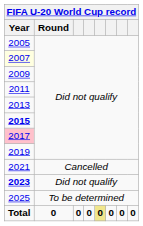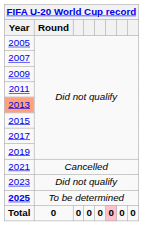 <table class="wikitable" style="text-align: center;">
 <tr>
 <th colspan=8><a href='#'>FIFA U-20 World Cup record</a></th>
 </tr>
 <tr>
 <th>Year</th>
 <th>Round</th>
 <th></th>
 <th></th>
 <th></th>
 <th></th>
 <th></th>
 <th></th>
 </tr>
 <tr>
 <td> <a href='#'>2005</a></td>
 <td colspan=7 rowspan=8><em>Did not qualify</em></td>
 </tr>
 <tr>
-<td style="background: lightyellow;"> <a href='#'>2007</a></td>
+<td> <a href='#'>2007</a></td>
 </tr>
 <tr>
 <td> <a href='#'>2009</a></td>
 </tr>
 <tr>
 <td> <a href='#'>2011</a></td>
 </tr>
 <tr>
-<td> <a href='#'>2013</a></td>
+<td style="background: lightsalmon;"> <a href='#'>2013</a></td>
 </tr>
 <tr>
-<td><strong> <a href='#'>2015</a></strong></td>
+<td> <a href='#'>2015</a></td>
 </tr>
 <tr>
-<td style="background: pink;"> <a href='#'>2017</a></td>
+<td> <a href='#'>2017</a></td>
 </tr>
 <tr>
 <td> <a href='#'>2019</a></td>
 </tr>
 <tr>
 <td> <a href='#'>2021</a></td>
 <td colspan=7><em>Cancelled</em></td>
 </tr>
 <tr>
-<td><strong> <a href='#'>2023</a></strong></td>
+<td> <a href='#'>2023</a></td>
 <td colspan=7><em>Did not qualify</em></td>
 </tr>
 <tr>
-<td> <a href='#'>2025</a></td>
+<td><strong> <a href='#'>2025</a></strong></td>
 <td colspan=7><em>To be determined</em></td>
 </tr>
 <tr>
 <td><strong>Total</strong></td>
 <td><strong>0</strong></td>
 <td><strong>0</strong></td>
 <td><strong>0</strong></td>
-<td style="background: khaki;"><strong>0</strong></td>
 <td><strong>0</strong></td>
+<td style="background: pink;"><strong>0</strong></td>
 <td><strong>0</strong></td>
 <td><strong>0</strong></td>
 </tr>
 </table>
